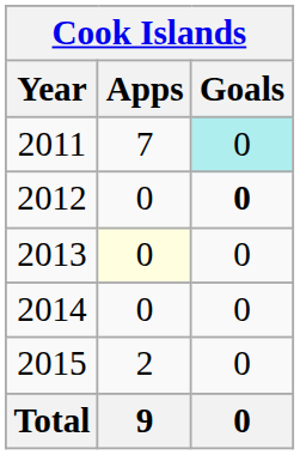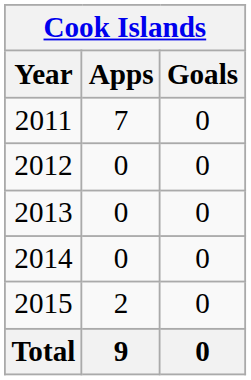 <table class="wikitable" style="text-align:center">
 <tr>
 <th colspan=3><a href='#'>Cook Islands</a></th>
 </tr>
 <tr>
 <th>Year</th>
 <th>Apps</th>
 <th>Goals</th>
 </tr>
 <tr>
 <td>2011</td>
 <td>7</td>
-<td style="background: paleturquoise;">0</td>
+<td>0</td>
 </tr>
 <tr>
 <td>2012</td>
 <td>0</td>
-<td><strong>0</strong></td>
+<td>0</td>
 </tr>
 <tr>
 <td>2013</td>
-<td style="background: lightyellow;">0</td>
+<td>0</td>
 <td>0</td>
 </tr>
 <tr>
 <td>2014</td>
 <td>0</td>
 <td>0</td>
 </tr>
 <tr>
 <td>2015</td>
 <td>2</td>
 <td>0</td>
 </tr>
 <tr>
 <th>Total</th>
 <th>9</th>
 <th>0</th>
 </tr>
 </table>
